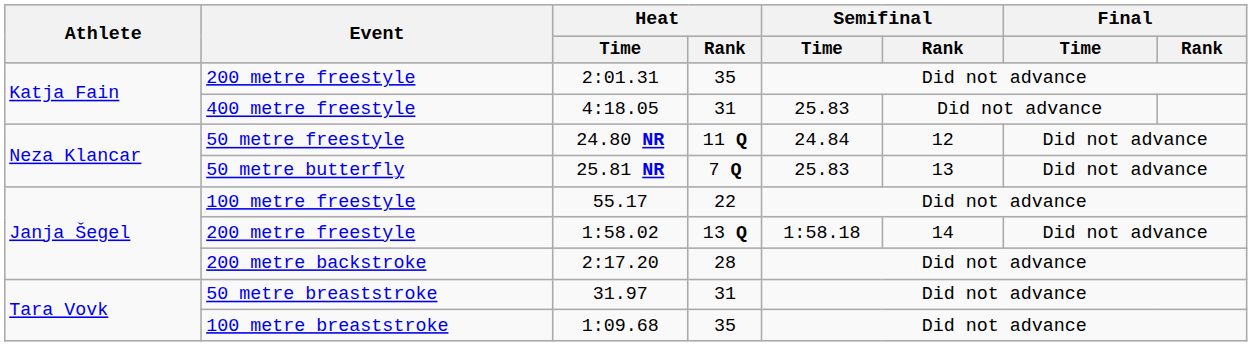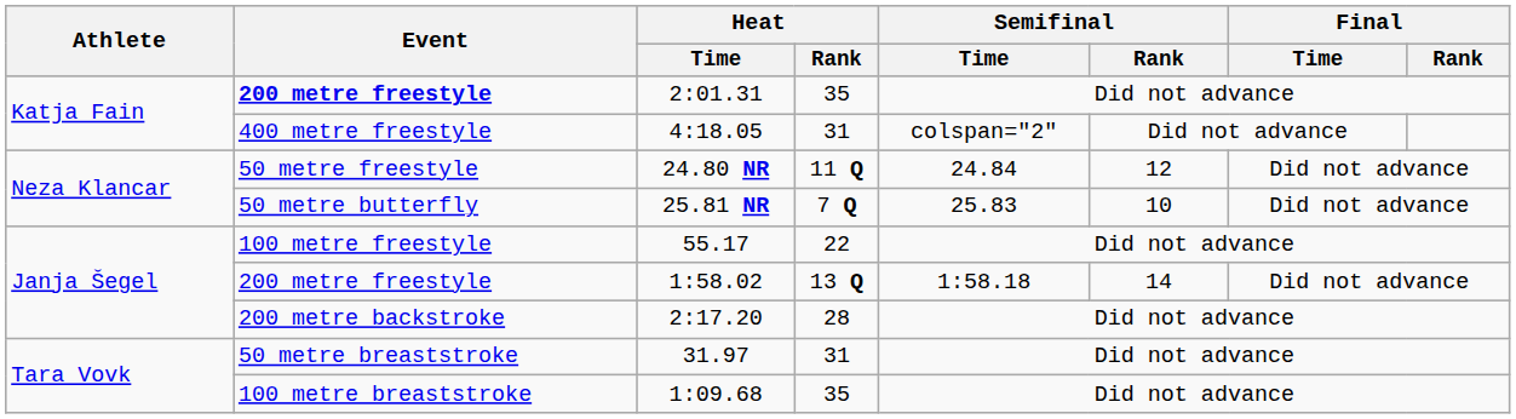 <table class="wikitable" style="text-align:center; font-size:90%; width:50%;">
 <tr>
 <th rowspan="2">Athlete</th>
 <th rowspan="2">Event</th>
 <th colspan="2">Heat</th>
 <th colspan="2">Semifinal</th>
 <th colspan="2">Final</th>
 </tr>
 <tr style="font-size:95%">
 <th>Time</th>
 <th>Rank</th>
 <th>Time</th>
 <th>Rank</th>
 <th>Time</th>
 <th>Rank</th>
 </tr>
 <tr>
 <td align=left rowspan=2><a href='#'>Katja Fain</a></td>
-<td align=left><a href='#'>200 metre freestyle</a></td>
+<td align=left><strong><a href='#'>200 metre freestyle</a></strong></td>
 <td>2:01.31</td>
 <td>35</td>
 <td colspan=4>Did not advance</td>
 </tr>
 <tr>
 <td align=left><a href='#'>400 metre freestyle</a></td>
 <td>4:18.05</td>
 <td>31</td>
-<td>25.83</td>
+<td>colspan="2" </td>
 <td colspan="2">Did not advance</td>
 </tr>
 <tr>
 <td align=left rowspan=2><a href='#'>Neza Klancar</a></td>
 <td align=left><a href='#'>50 metre freestyle</a></td>
 <td>24.80 <strong><a href='#'>NR</a></strong></td>
 <td>11 <strong>Q</strong></td>
 <td>24.84</td>
 <td>12</td>
 <td colspan=2>Did not advance</td>
 </tr>
 <tr>
 <td align=left><a href='#'>50 metre butterfly</a></td>
 <td>25.81 <strong><a href='#'>NR</a></strong></td>
 <td>7 <strong>Q</strong></td>
 <td>25.83</td>
-<td>13</td>
+<td>10</td>
 <td colspan=2>Did not advance</td>
 </tr>
 <tr>
 <td align=left rowspan=3><a href='#'>Janja Šegel</a></td>
 <td align=left><a href='#'>100 metre freestyle</a></td>
 <td>55.17</td>
 <td>22</td>
 <td colspan=4>Did not advance</td>
 </tr>
 <tr>
 <td align=left><a href='#'>200 metre freestyle</a></td>
 <td>1:58.02</td>
 <td>13 <strong>Q</strong></td>
 <td>1:58.18</td>
 <td>14</td>
 <td colspan=2>Did not advance</td>
 </tr>
 <tr>
 <td align=left><a href='#'>200 metre backstroke</a></td>
 <td>2:17.20</td>
 <td>28</td>
 <td colspan=4>Did not advance</td>
 </tr>
 <tr>
 <td align=left rowspan=2><a href='#'>Tara Vovk</a></td>
 <td align=left><a href='#'>50 metre breaststroke</a></td>
 <td>31.97</td>
 <td>31</td>
 <td colspan=4>Did not advance</td>
 </tr>
 <tr>
 <td align=left><a href='#'>100 metre breaststroke</a></td>
 <td>1:09.68</td>
 <td>35</td>
 <td colspan=4>Did not advance</td>
 </tr>
 </table>
